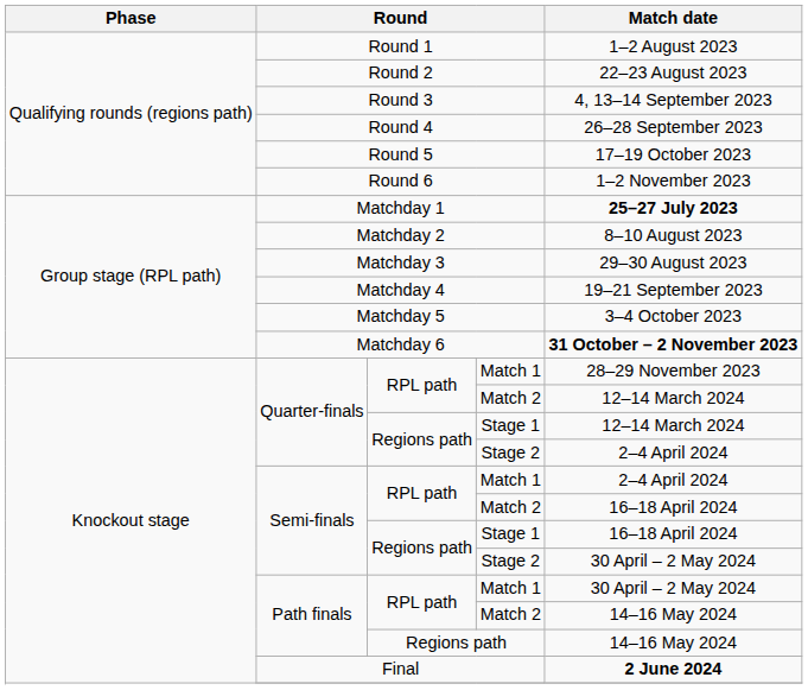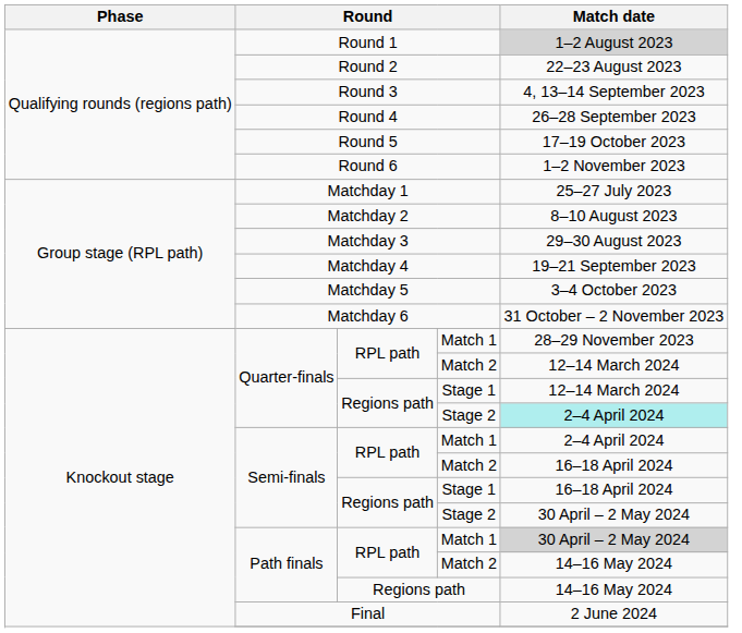 <table class="wikitable" style="text-align:center">
 <tr>
 <th>Phase</th>
 <th colspan=3>Round</th>
 <th>Match date</th>
 </tr>
 <tr>
 <td rowspan=6>Qualifying rounds (regions path)</td>
 <td colspan=3>Round 1</td>
-<td>1–2 August 2023</td>
+<td style="background: lightgrey;">1–2 August 2023</td>
 </tr>
 <tr>
 <td colspan=3>Round 2</td>
 <td>22–23 August 2023</td>
 </tr>
 <tr>
 <td colspan=3>Round 3</td>
 <td>4, 13–14 September 2023</td>
 </tr>
 <tr>
 <td colspan=3>Round 4</td>
 <td>26–28 September 2023</td>
 </tr>
 <tr>
 <td colspan=3>Round 5</td>
 <td>17–19 October 2023</td>
 </tr>
 <tr>
 <td colspan=3>Round 6</td>
 <td>1–2 November 2023</td>
 </tr>
 <tr>
 <td rowspan=6>Group stage (RPL path)</td>
 <td colspan=3>Matchday 1</td>
-<td><strong>25–27 July 2023</strong></td>
+<td>25–27 July 2023</td>
 </tr>
 <tr>
 <td colspan=3>Matchday 2</td>
 <td>8–10 August 2023</td>
 </tr>
 <tr>
 <td colspan=3>Matchday 3</td>
 <td>29–30 August 2023</td>
 </tr>
 <tr>
 <td colspan=3>Matchday 4</td>
 <td>19–21 September 2023</td>
 </tr>
 <tr>
 <td colspan=3>Matchday 5</td>
 <td>3–4 October 2023</td>
 </tr>
 <tr>
 <td colspan=3>Matchday 6</td>
-<td><strong>31 October – 2 November 2023</strong></td>
+<td>31 October – 2 November 2023</td>
 </tr>
 <tr>
 <td rowspan=13>Knockout stage</td>
 <td rowspan=4>Quarter-finals</td>
 <td rowspan=2>RPL path</td>
 <td>Match 1</td>
 <td>28–29 November 2023</td>
 </tr>
 <tr>
 <td>Match 2</td>
 <td>12–14 March 2024</td>
 </tr>
 <tr>
 <td rowspan=2>Regions path</td>
 <td>Stage 1</td>
 <td>12–14 March 2024</td>
 </tr>
 <tr>
 <td>Stage 2</td>
-<td>2–4 April 2024</td>
+<td style="background: paleturquoise;">2–4 April 2024</td>
 </tr>
 <tr>
 <td rowspan=4>Semi-finals</td>
 <td rowspan=2>RPL path</td>
 <td>Match 1</td>
 <td>2–4 April 2024</td>
 </tr>
 <tr>
 <td>Match 2</td>
 <td>16–18 April 2024</td>
 </tr>
 <tr>
 <td rowspan=2>Regions path</td>
 <td>Stage 1</td>
 <td>16–18 April 2024</td>
 </tr>
 <tr>
 <td>Stage 2</td>
 <td>30 April – 2 May 2024</td>
 </tr>
 <tr>
 <td rowspan=3>Path finals</td>
 <td rowspan=2>RPL path</td>
 <td>Match 1</td>
-<td>30 April – 2 May 2024</td>
+<td style="background: lightgrey;">30 April – 2 May 2024</td>
 </tr>
 <tr>
 <td>Match 2</td>
 <td>14–16 May 2024</td>
 </tr>
 <tr>
 <td colspan=2>Regions path</td>
 <td>14–16 May 2024</td>
 </tr>
 <tr>
 <td colspan=3>Final</td>
-<td><strong>2 June 2024</strong></td>
+<td>2 June 2024</td>
 </tr>
 <tr>
 </tr>
 </table>
